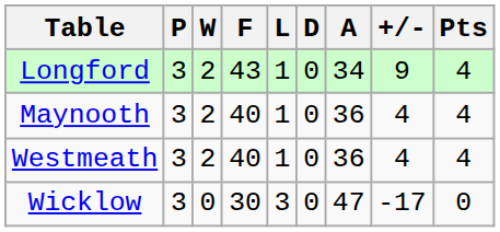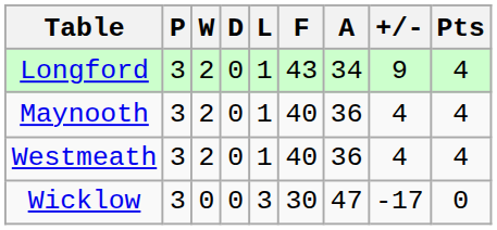 <table class="wikitable">
 <tr>
 <th>Table</th>
 <th>P</th>
 <th>W</th>
+<th>D</th>
+<th>L</th>
 <th>F</th>
-<th>L</th>
-<th>D</th>
 <th>A</th>
 <th>+/-</th>
 <th>Pts</th>
 </tr>
 <tr style="text-align:Center; background:#cfc;">
 <td> <a href='#'>Longford</a></td>
 <td>3</td>
 <td>2</td>
+<td>0</td>
+<td>1</td>
 <td>43</td>
-<td>1</td>
-<td>0</td>
 <td>34</td>
 <td>9</td>
 <td>4</td>
 </tr>
 <tr style="text-align:Center;">
 <td> <a href='#'>Maynooth</a></td>
 <td>3</td>
 <td>2</td>
+<td>0</td>
+<td>1</td>
 <td>40</td>
-<td>1</td>
-<td>0</td>
 <td>36</td>
 <td>4</td>
 <td>4</td>
 </tr>
 <tr style="text-align:Center;">
 <td> <a href='#'>Westmeath</a></td>
 <td>3</td>
 <td>2</td>
+<td>0</td>
+<td>1</td>
 <td>40</td>
-<td>1</td>
-<td>0</td>
 <td>36</td>
 <td>4</td>
 <td>4</td>
 </tr>
 <tr style="text-align:Center;">
 <td> <a href='#'>Wicklow</a></td>
 <td>3</td>
 <td>0</td>
+<td>0</td>
+<td>3</td>
 <td>30</td>
-<td>3</td>
-<td>0</td>
 <td>47</td>
 <td>-17</td>
 <td>0</td>
 </tr>
 </table>
